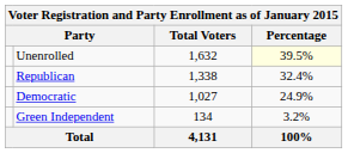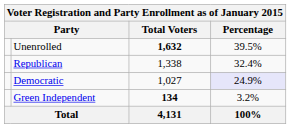 <table class=wikitable>
 <tr>
 <th colspan = 6>Voter Registration and Party Enrollment as of January 2015</th>
 </tr>
 <tr>
 <th colspan = 2>Party</th>
 <th>Total Voters</th>
 <th>Percentage</th>
 </tr>
 <tr>
 <td></td>
 <td>Unenrolled</td>
-<td align = center>1,632</td>
-<td align = center style="background: lightyellow;">39.5%</td>
+<td align = center><strong>1,632</strong></td>
+<td align = center>39.5%</td>
 </tr>
 <tr>
 <td></td>
 <td><a href='#'>Republican</a></td>
 <td align = center>1,338</td>
 <td align = center>32.4%</td>
 </tr>
 <tr>
 <td></td>
 <td><a href='#'>Democratic</a></td>
 <td align = center>1,027</td>
-<td align = center>24.9%</td>
+<td align = center style="background: lavender;">24.9%</td>
 </tr>
 <tr>
 <td></td>
 <td><a href='#'>Green Independent</a></td>
-<td align = center>134</td>
+<td align = center><strong>134</strong></td>
 <td align = center>3.2%</td>
 </tr>
 <tr>
 <th colspan = 2>Total</th>
 <th align = center>4,131</th>
 <th align = center>100%</th>
 </tr>
 </table>
